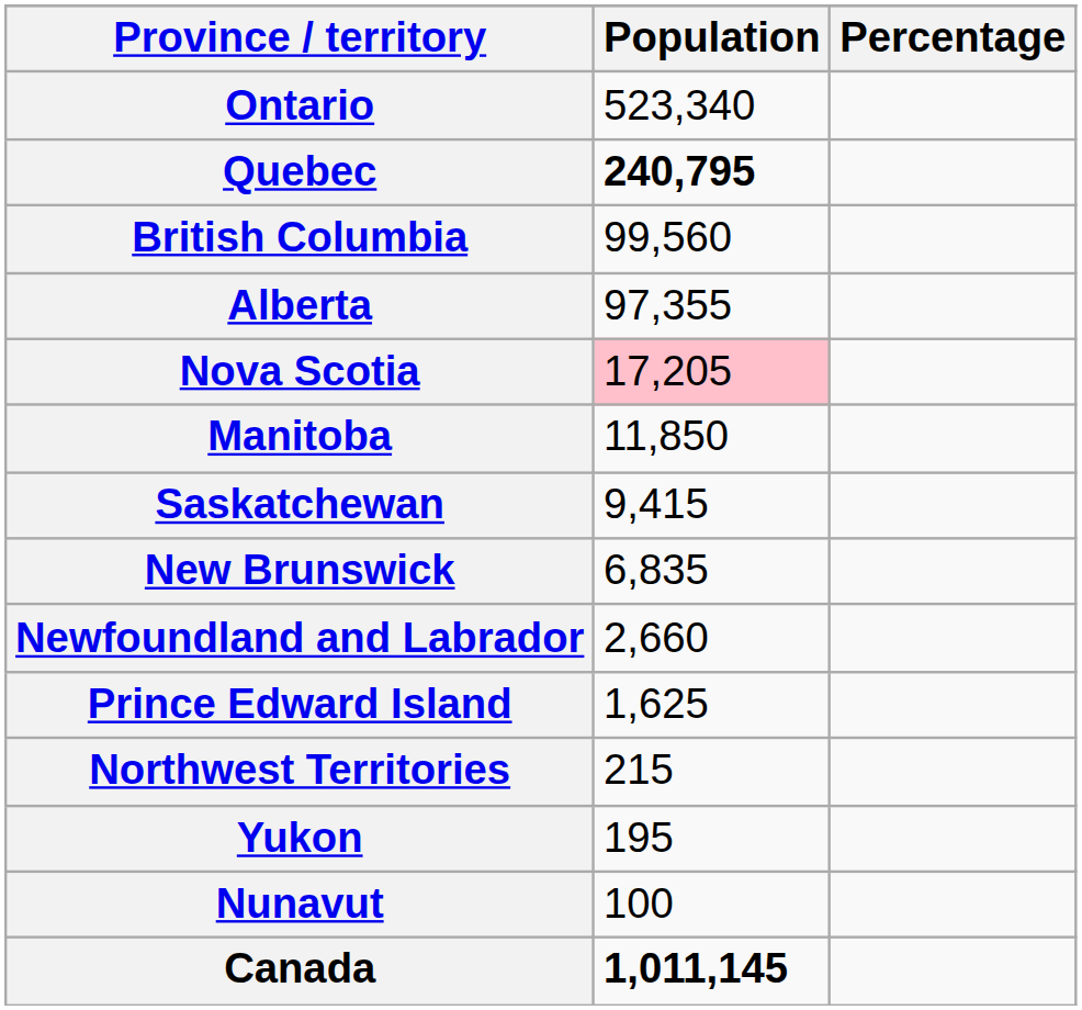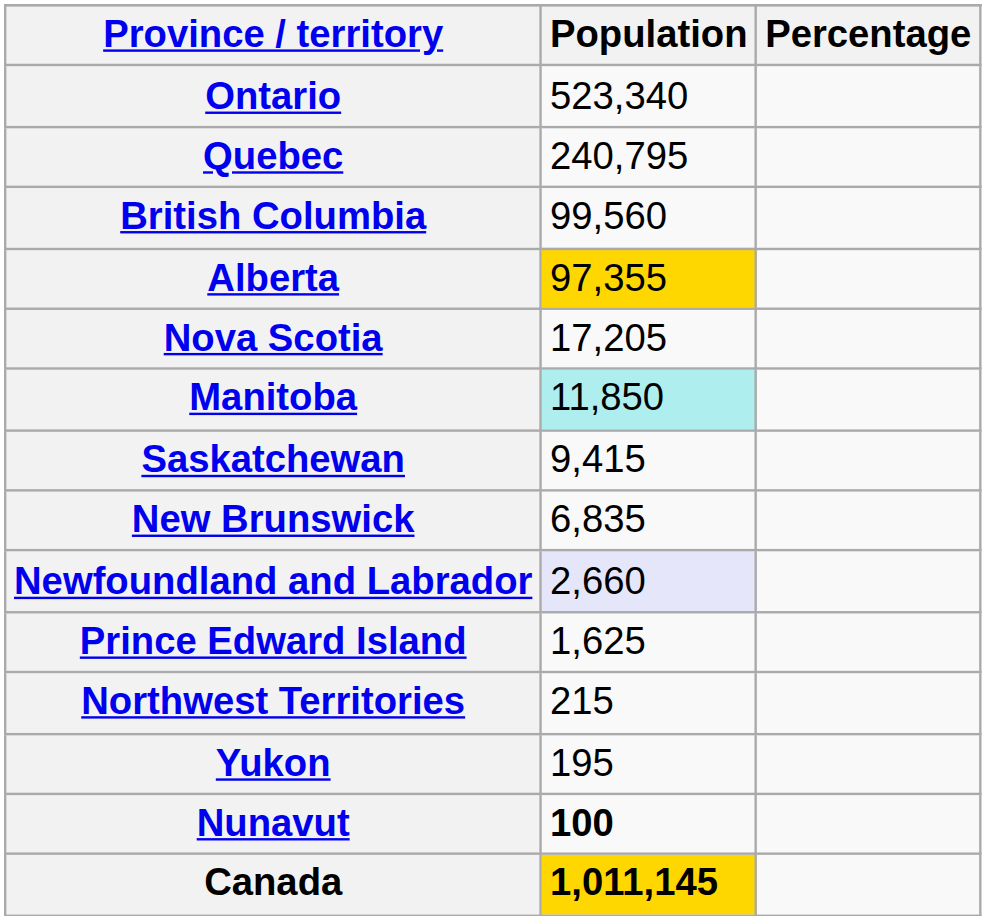 <table class="wikitable sortable plainrowheaders">
 <tr>
 </tr>
 <tr>
 <th scope="col"><a href='#'>Province / territory</a></th>
 <th scope="col">Population</th>
 <th scope="col">Percentage</th>
 </tr>
 <tr>
 <th scope="row"> <a href='#'>Ontario</a></th>
 <td>523,340</td>
 <td></td>
 </tr>
 <tr>
 <th scope="row"> <a href='#'>Quebec</a></th>
-<td><strong>240,795</strong></td>
+<td>240,795</td>
 <td></td>
 </tr>
 <tr>
 <th scope="row"> <a href='#'>British Columbia</a></th>
 <td>99,560</td>
 <td></td>
 </tr>
 <tr>
 <th scope="row"> <a href='#'>Alberta</a></th>
-<td>97,355</td>
+<td style="background: gold;">97,355</td>
 <td></td>
 </tr>
 <tr>
 <th scope="row"> <a href='#'>Nova Scotia</a></th>
-<td style="background: pink;">17,205</td>
+<td>17,205</td>
 <td></td>
 </tr>
 <tr>
 <th scope="row"> <a href='#'>Manitoba</a></th>
-<td>11,850</td>
+<td style="background: paleturquoise;">11,850</td>
 <td></td>
 </tr>
 <tr>
 <th scope="row"> <a href='#'>Saskatchewan</a></th>
 <td>9,415</td>
 <td></td>
 </tr>
 <tr>
 <th scope="row"> <a href='#'>New Brunswick</a></th>
 <td>6,835</td>
 <td></td>
 </tr>
 <tr>
 <th scope="row"> <a href='#'>Newfoundland and Labrador</a></th>
-<td>2,660</td>
+<td style="background: lavender;">2,660</td>
 <td></td>
 </tr>
 <tr>
 <th scope="row"> <a href='#'>Prince Edward Island</a></th>
 <td>1,625</td>
 <td></td>
 </tr>
 <tr>
 <th scope="row"> <a href='#'>Northwest Territories</a></th>
 <td>215</td>
 <td></td>
 </tr>
 <tr>
 <th scope="row"> <a href='#'>Yukon</a></th>
 <td>195</td>
 <td></td>
 </tr>
 <tr>
 <th scope="row"> <a href='#'>Nunavut</a></th>
-<td>100</td>
+<td><strong>100</strong></td>
 <td></td>
 </tr>
 <tr>
 <th scope="row"> <strong>Canada</strong></th>
-<td><strong>1,011,145</strong></td>
+<td style="background: gold;"><strong>1,011,145</strong></td>
 <td><strong></strong></td>
 </tr>
 </table>
